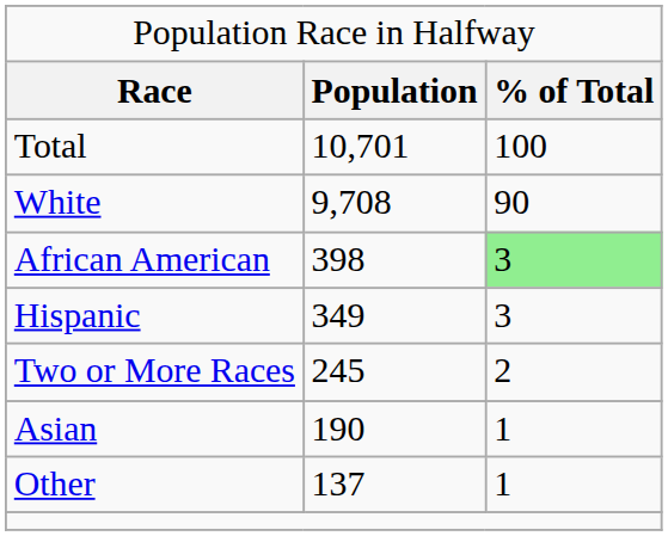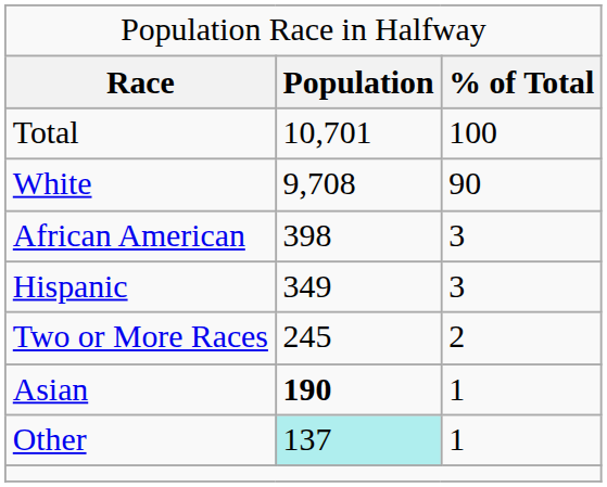 <table class="wikitable sortable">
 <tr>
 <td colspan="3" style="text-align:center;">Population Race in Halfway</td>
 </tr>
 <tr>
 <th>Race</th>
 <th>Population</th>
 <th>% of Total</th>
 </tr>
 <tr>
 <td>Total</td>
 <td>10,701</td>
 <td>100</td>
 </tr>
 <tr>
 <td><a href='#'>White</a></td>
 <td>9,708</td>
 <td>90</td>
 </tr>
 <tr>
 <td><a href='#'>African American</a></td>
 <td>398</td>
-<td style="background: lightgreen;">3</td>
+<td>3</td>
 </tr>
 <tr>
 <td><a href='#'>Hispanic</a></td>
 <td>349</td>
 <td>3</td>
 </tr>
 <tr>
 <td><a href='#'>Two or More Races</a></td>
 <td>245</td>
 <td>2</td>
 </tr>
 <tr>
 <td><a href='#'>Asian</a></td>
-<td>190</td>
+<td><strong>190</strong></td>
 <td>1</td>
 </tr>
 <tr>
 <td><a href='#'>Other</a></td>
-<td>137</td>
+<td style="background: paleturquoise;">137</td>
 <td>1</td>
 </tr>
 <tr>
 <td colspan="3"></td>
 </tr>
 </table>
